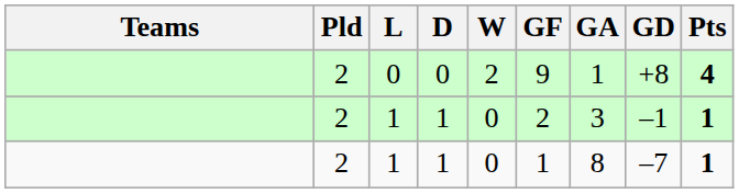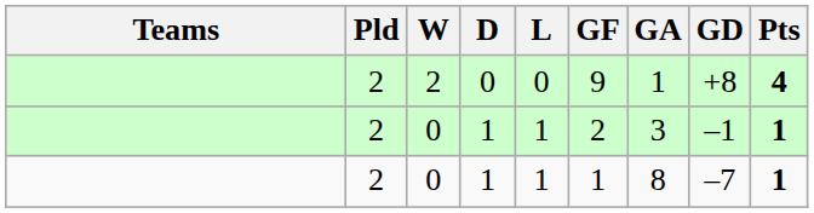 <table class="wikitable" style="text-align: center;">
 <tr>
 <th width=165>Teams</th>
 <th width=20>Pld</th>
+<th width=20>W</th>
+<th width=20>D</th>
 <th width=20>L</th>
-<th width=20>D</th>
-<th width=20>W</th>
 <th width=20>GF</th>
 <th width=20>GA</th>
 <th width=20>GD</th>
 <th width=20>Pts</th>
 </tr>
 <tr align=center style="background:#ccffcc;">
 <td style="text-align:left;"></td>
 <td>2</td>
+<td>2</td>
 <td>0</td>
 <td>0</td>
-<td>2</td>
 <td>9</td>
 <td>1</td>
 <td>+8</td>
 <td><strong>4</strong></td>
 </tr>
 <tr align=center style="background:#ccffcc;">
 <td style="text-align:left;"></td>
 <td>2</td>
+<td>0</td>
 <td>1</td>
 <td>1</td>
-<td>0</td>
 <td>2</td>
 <td>3</td>
 <td>–1</td>
 <td><strong>1</strong></td>
 </tr>
 <tr align=center>
 <td style="text-align:left;"></td>
 <td>2</td>
+<td>0</td>
 <td>1</td>
 <td>1</td>
-<td>0</td>
 <td>1</td>
 <td>8</td>
 <td>–7</td>
 <td><strong>1</strong></td>
 </tr>
 </table>
